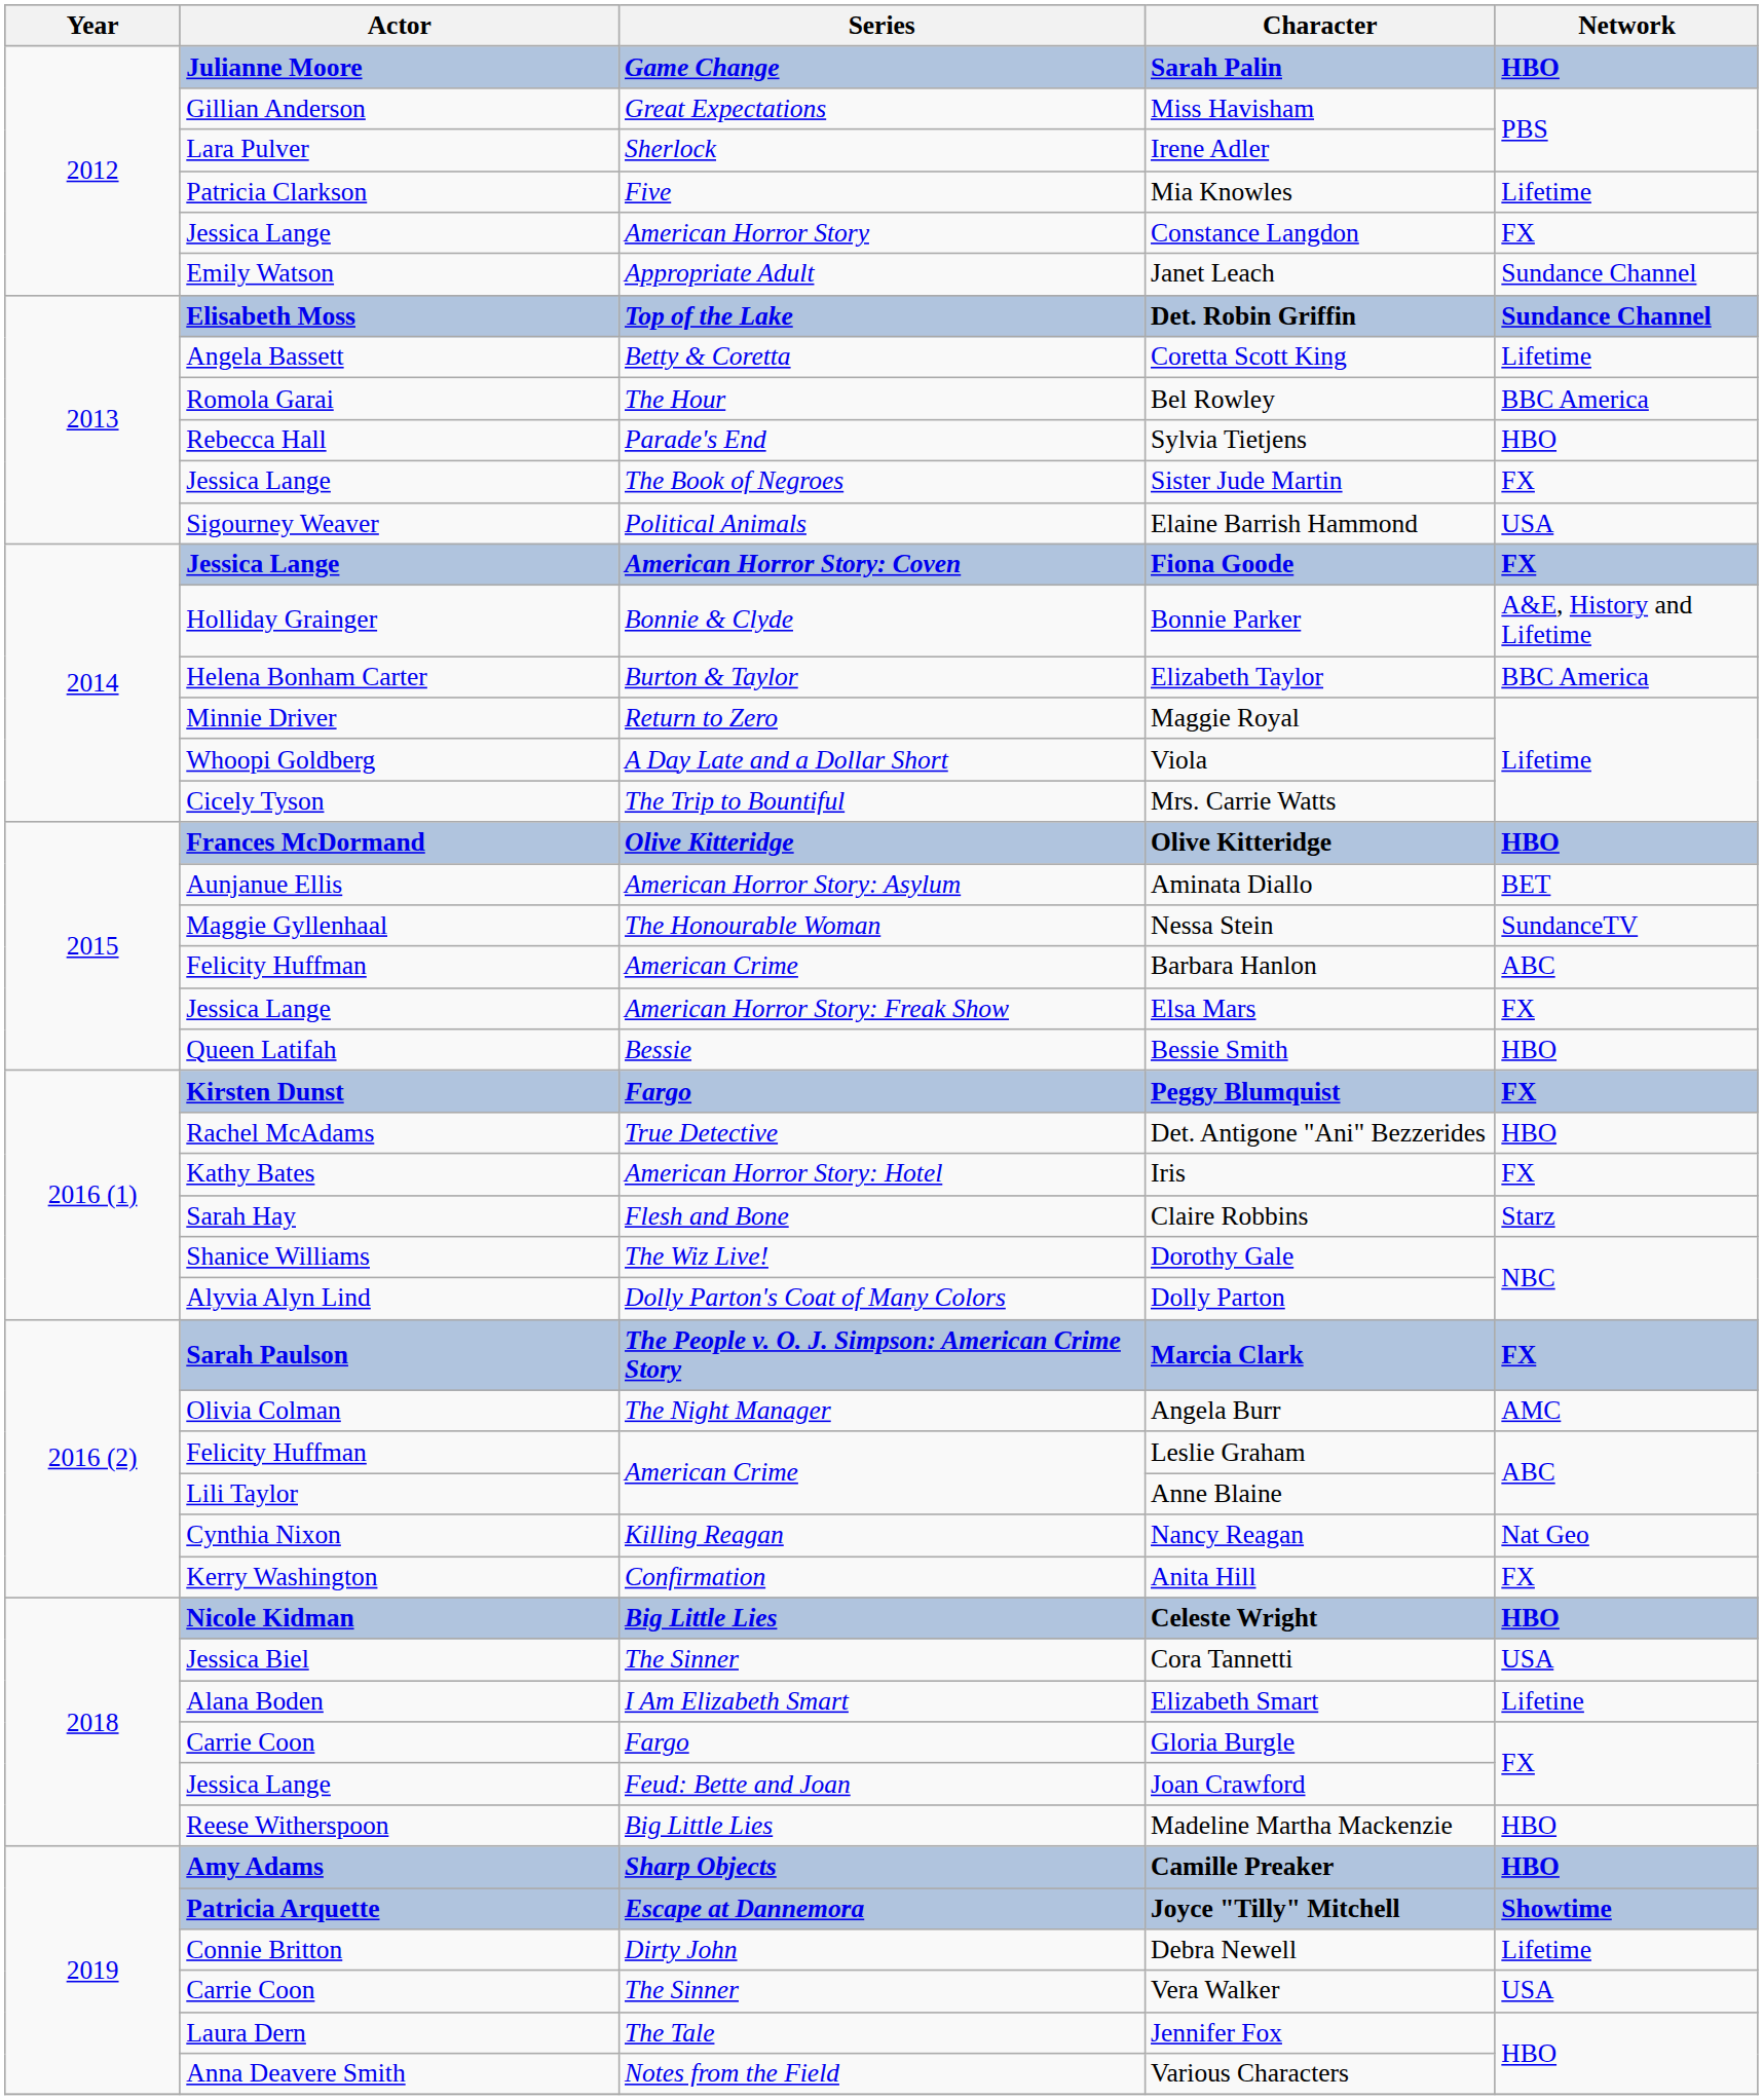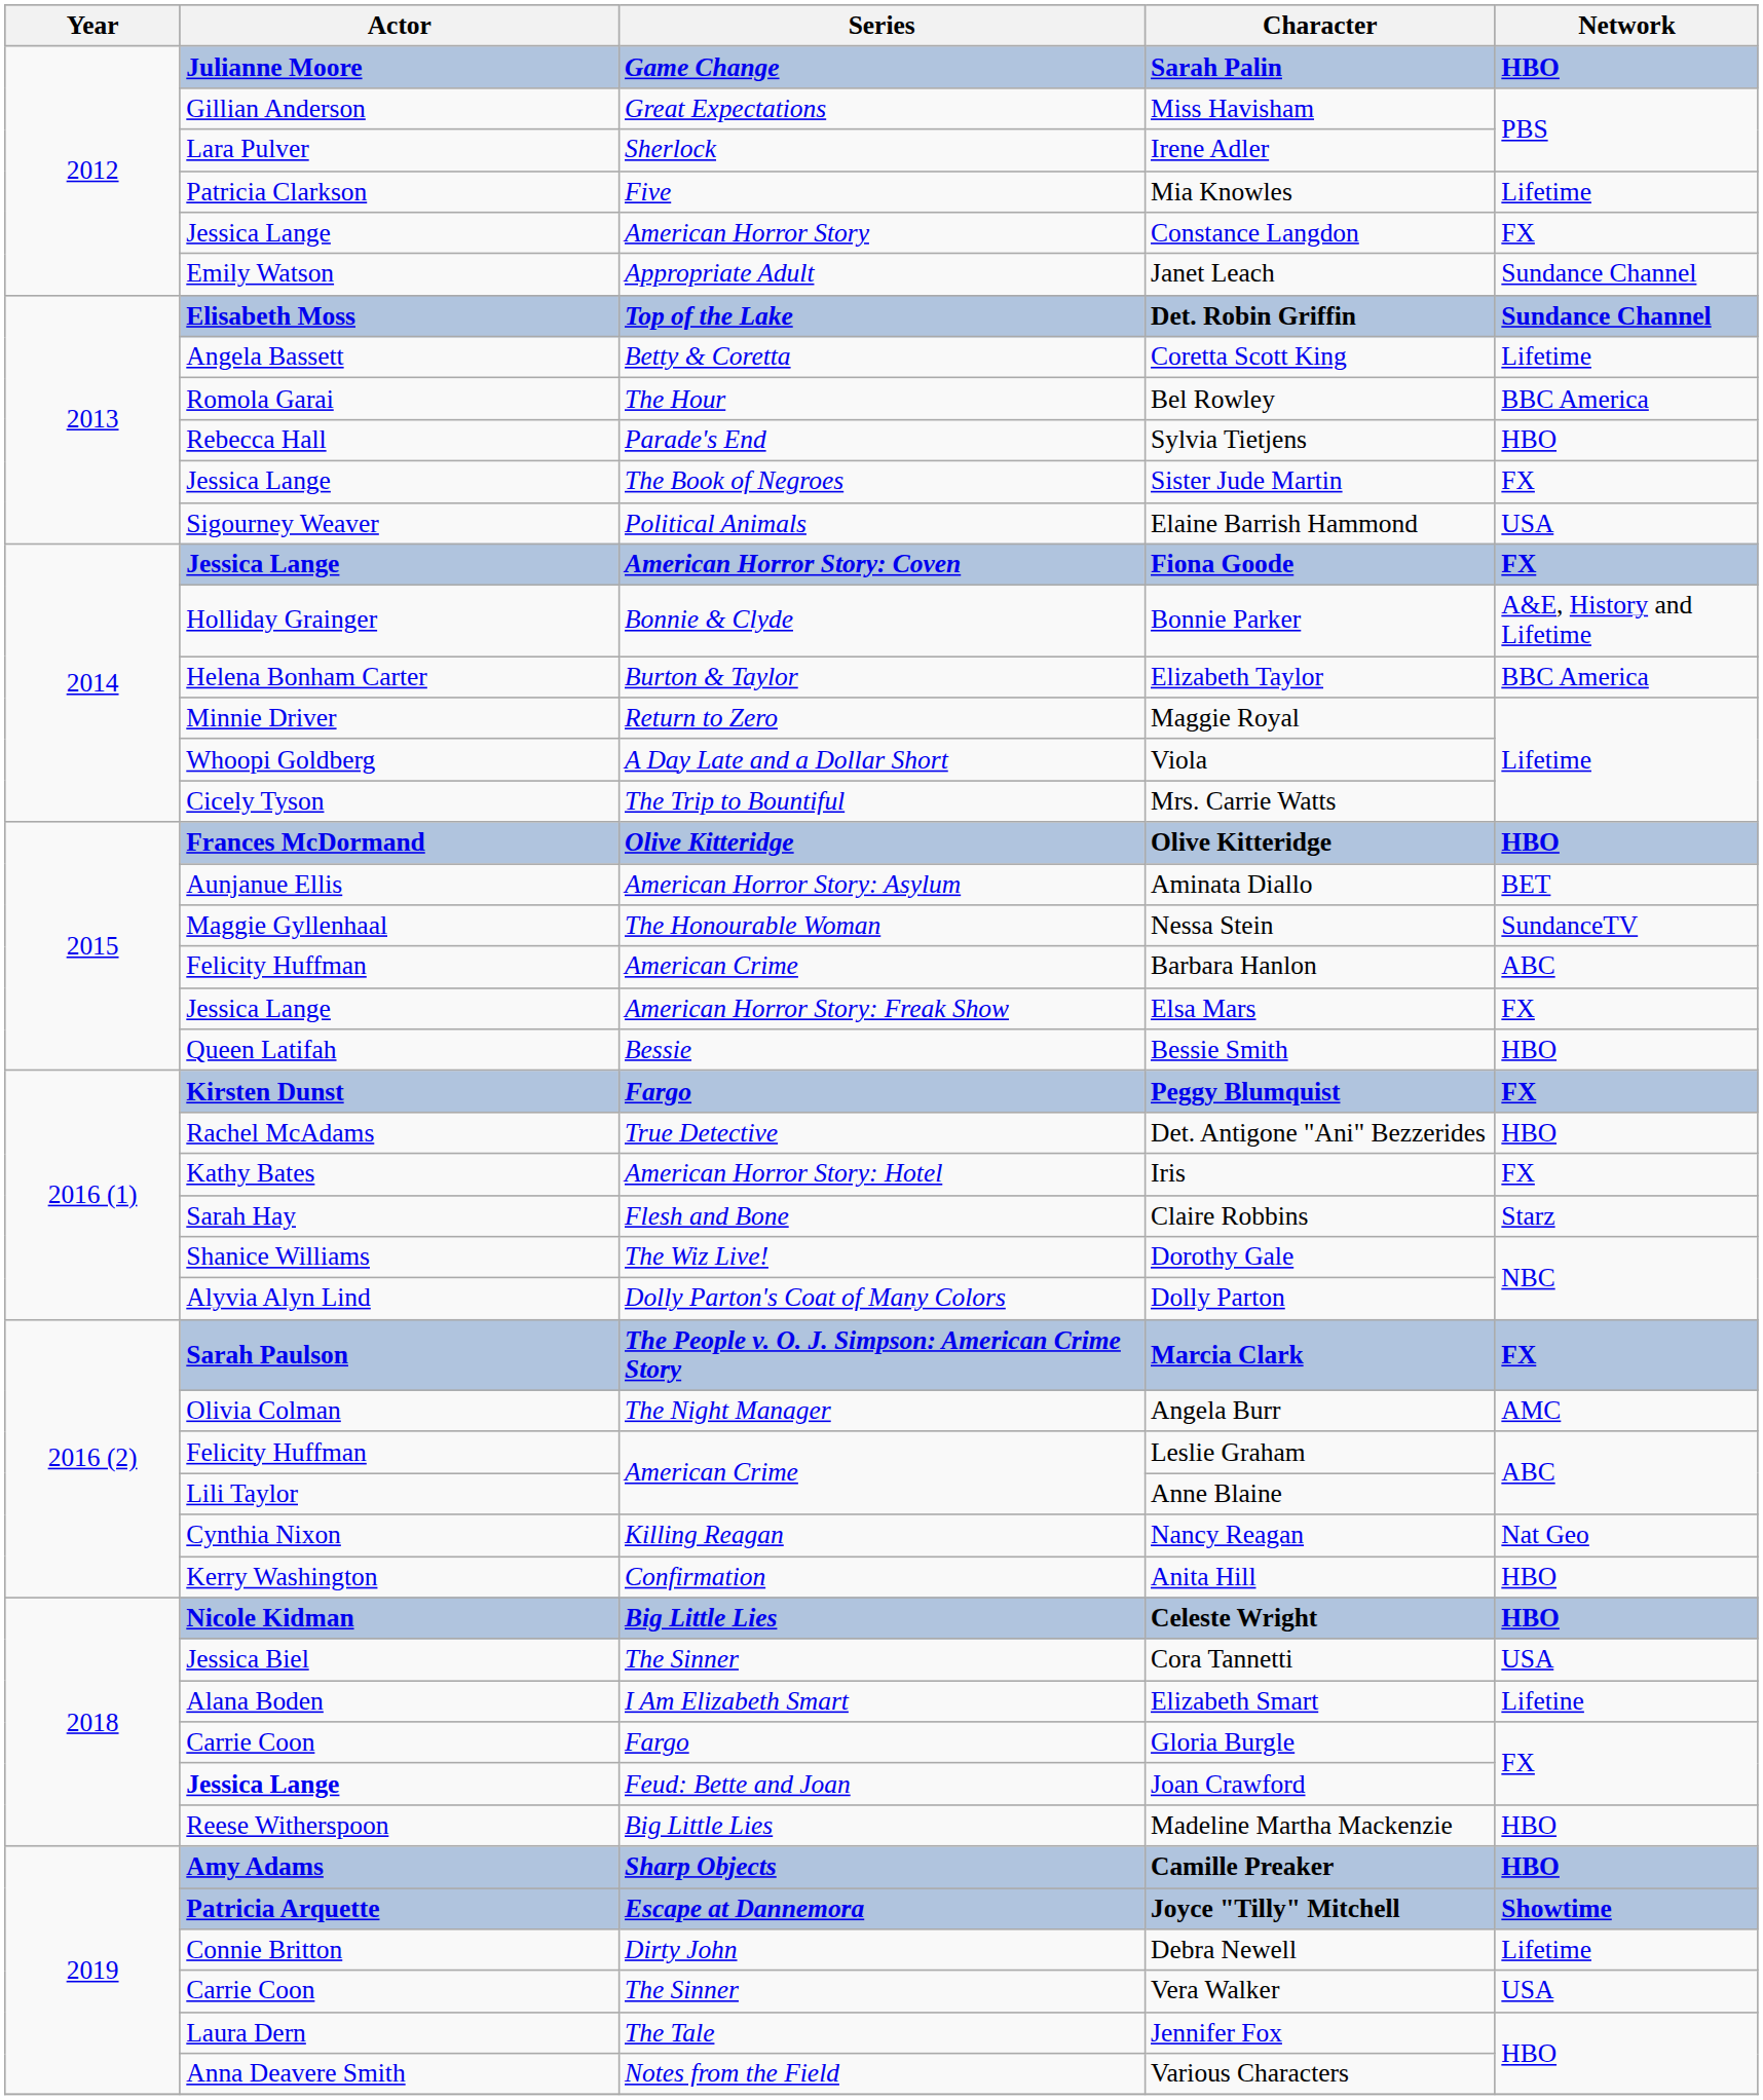 <table class="wikitable" style="width:85%">
 <tr style="background:#bebebe;">
 <th style="width:10%;">Year</th>
 <th style="wodth:25%;">Actor</th>
 <th style="width:30%;">Series</th>
 <th style="width:20%;">Character</th>
 <th style="width:15%;">Network</th>
 </tr>
 <tr>
 <td rowspan="6" style="text-align:center;"><a href='#'>2012</a><br></td>
 <td style="background:#B0C4DE;"><strong><a href='#'>Julianne Moore</a></strong></td>
 <td style="background:#B0C4DE;"><strong><em><a href='#'>Game Change</a></em></strong></td>
 <td style="background:#B0C4DE;"><strong><a href='#'>Sarah Palin</a></strong></td>
 <td style="background:#B0C4DE;"><strong><a href='#'>HBO</a></strong></td>
 </tr>
 <tr>
 <td><a href='#'>Gillian Anderson</a></td>
 <td><em><a href='#'>Great Expectations</a></em></td>
 <td><a href='#'>Miss Havisham</a></td>
 <td rowspan="2"><a href='#'>PBS</a></td>
 </tr>
 <tr>
 <td><a href='#'>Lara Pulver</a></td>
 <td><em><a href='#'>Sherlock</a></em></td>
 <td><a href='#'>Irene Adler</a></td>
 </tr>
 <tr>
 <td><a href='#'>Patricia Clarkson</a></td>
 <td><em><a href='#'>Five</a></em></td>
 <td>Mia Knowles</td>
 <td><a href='#'>Lifetime</a></td>
 </tr>
 <tr>
 <td><a href='#'>Jessica Lange</a></td>
 <td><em><a href='#'>American Horror Story</a></em></td>
 <td><a href='#'>Constance Langdon</a></td>
 <td><a href='#'>FX</a></td>
 </tr>
 <tr>
 <td><a href='#'>Emily Watson</a></td>
 <td><em><a href='#'>Appropriate Adult</a></em></td>
 <td>Janet Leach</td>
 <td><a href='#'>Sundance Channel</a></td>
 </tr>
 <tr>
 <td rowspan="6" style="text-align:center;"><a href='#'>2013</a><br></td>
 <td style="background:#B0C4DE;"><strong><a href='#'>Elisabeth Moss</a></strong></td>
 <td style="background:#B0C4DE;"><strong><em><a href='#'>Top of the Lake</a></em></strong></td>
 <td style="background:#B0C4DE;"><strong>Det. Robin Griffin</strong></td>
 <td style="background:#B0C4DE;"><strong><a href='#'>Sundance Channel</a></strong></td>
 </tr>
 <tr>
 <td><a href='#'>Angela Bassett</a></td>
 <td><em><a href='#'>Betty & Coretta</a></em></td>
 <td><a href='#'>Coretta Scott King</a></td>
 <td><a href='#'>Lifetime</a></td>
 </tr>
 <tr>
 <td><a href='#'>Romola Garai</a></td>
 <td><em><a href='#'>The Hour</a></em></td>
 <td>Bel Rowley</td>
 <td><a href='#'>BBC America</a></td>
 </tr>
 <tr>
 <td><a href='#'>Rebecca Hall</a></td>
 <td><em><a href='#'>Parade's End</a></em></td>
 <td>Sylvia Tietjens</td>
 <td><a href='#'>HBO</a></td>
 </tr>
 <tr>
 <td><a href='#'>Jessica Lange</a></td>
 <td><em><a href='#'>The Book of Negroes</a></em></td>
 <td><a href='#'>Sister Jude Martin</a></td>
 <td><a href='#'>FX</a></td>
 </tr>
 <tr>
 <td><a href='#'>Sigourney Weaver</a></td>
 <td><em><a href='#'>Political Animals</a></em></td>
 <td>Elaine Barrish Hammond</td>
 <td><a href='#'>USA</a></td>
 </tr>
 <tr>
 <td rowspan="6" style="text-align:center;"><a href='#'>2014</a><br></td>
 <td style="background:#B0C4DE;"><strong><a href='#'>Jessica Lange</a></strong></td>
 <td style="background:#B0C4DE;"><strong><em><a href='#'>American Horror Story: Coven</a></em></strong></td>
 <td style="background:#B0C4DE;"><strong><a href='#'>Fiona Goode</a></strong></td>
 <td style="background:#B0C4DE;"><strong><a href='#'>FX</a></strong></td>
 </tr>
 <tr>
 <td><a href='#'>Holliday Grainger </a></td>
 <td><em><a href='#'>Bonnie & Clyde</a></em></td>
 <td><a href='#'>Bonnie Parker</a></td>
 <td><a href='#'>A&E</a>, <a href='#'>History</a> and <a href='#'>Lifetime</a></td>
 </tr>
 <tr>
 <td><a href='#'>Helena Bonham Carter</a></td>
 <td><em><a href='#'>Burton & Taylor</a></em></td>
 <td><a href='#'>Elizabeth Taylor</a></td>
 <td><a href='#'>BBC America</a></td>
 </tr>
 <tr>
 <td><a href='#'>Minnie Driver</a></td>
 <td><em><a href='#'>Return to Zero</a></em></td>
 <td>Maggie Royal</td>
 <td rowspan="3"><a href='#'>Lifetime</a></td>
 </tr>
 <tr>
 <td><a href='#'>Whoopi Goldberg</a></td>
 <td><em><a href='#'>A Day Late and a Dollar Short</a></em></td>
 <td>Viola</td>
 </tr>
 <tr>
 <td><a href='#'>Cicely Tyson</a></td>
 <td><em><a href='#'>The Trip to Bountiful</a></em></td>
 <td>Mrs. Carrie Watts</td>
 </tr>
 <tr>
 <td rowspan="6" style="text-align:center;"><a href='#'>2015</a><br></td>
 <td style="background:#B0C4DE;"><strong><a href='#'>Frances McDormand</a></strong></td>
 <td style="background:#B0C4DE;"><strong><em><a href='#'>Olive Kitteridge</a></em></strong></td>
 <td style="background:#B0C4DE;"><strong>Olive Kitteridge</strong></td>
 <td style="background:#B0C4DE;"><strong><a href='#'>HBO</a></strong></td>
 </tr>
 <tr>
 <td><a href='#'>Aunjanue Ellis</a></td>
 <td><em><a href='#'>American Horror Story: Asylum</a></em></td>
 <td>Aminata Diallo</td>
 <td><a href='#'>BET</a></td>
 </tr>
 <tr>
 <td><a href='#'>Maggie Gyllenhaal</a></td>
 <td><em><a href='#'>The Honourable Woman</a></em></td>
 <td>Nessa Stein</td>
 <td><a href='#'>SundanceTV</a></td>
 </tr>
 <tr>
 <td><a href='#'>Felicity Huffman</a></td>
 <td><em><a href='#'>American Crime</a></em></td>
 <td>Barbara Hanlon</td>
 <td><a href='#'>ABC</a></td>
 </tr>
 <tr>
 <td><a href='#'>Jessica Lange</a></td>
 <td><em><a href='#'>American Horror Story: Freak Show</a></em></td>
 <td><a href='#'>Elsa Mars</a></td>
 <td><a href='#'>FX</a></td>
 </tr>
 <tr>
 <td><a href='#'>Queen Latifah</a></td>
 <td><em><a href='#'>Bessie</a></em></td>
 <td><a href='#'>Bessie Smith</a></td>
 <td><a href='#'>HBO</a></td>
 </tr>
 <tr>
 <td rowspan="6" style="text-align:center;"><a href='#'>2016 (1)</a><br></td>
 <td style="background:#B0C4DE;"><strong><a href='#'>Kirsten Dunst</a></strong></td>
 <td style="background:#B0C4DE;"><strong><em><a href='#'>Fargo</a></em></strong></td>
 <td style="background:#B0C4DE;"><strong><a href='#'>Peggy Blumquist</a></strong></td>
 <td style="background:#B0C4DE;"><strong><a href='#'>FX</a></strong></td>
 </tr>
 <tr>
 <td><a href='#'>Rachel McAdams</a></td>
 <td><em><a href='#'>True Detective</a></em></td>
 <td>Det. Antigone "Ani" Bezzerides</td>
 <td><a href='#'>HBO</a></td>
 </tr>
 <tr>
 <td><a href='#'>Kathy Bates</a></td>
 <td><em><a href='#'>American Horror Story: Hotel</a></em></td>
 <td>Iris</td>
 <td><a href='#'>FX</a></td>
 </tr>
 <tr>
 <td><a href='#'>Sarah Hay</a></td>
 <td><em><a href='#'>Flesh and Bone</a></em></td>
 <td>Claire Robbins</td>
 <td><a href='#'>Starz</a></td>
 </tr>
 <tr>
 <td><a href='#'>Shanice Williams</a></td>
 <td><em><a href='#'>The Wiz Live!</a></em></td>
 <td><a href='#'>Dorothy Gale</a></td>
 <td rowspan="2"><a href='#'>NBC</a></td>
 </tr>
 <tr>
 <td><a href='#'>Alyvia Alyn Lind</a></td>
 <td><em><a href='#'>Dolly Parton's Coat of Many Colors</a></em></td>
 <td><a href='#'>Dolly Parton</a></td>
 </tr>
 <tr>
 <td rowspan="6" style="text-align:center;"><a href='#'>2016 (2)</a><br></td>
 <td style="background:#B0C4DE;"><strong><a href='#'>Sarah Paulson</a></strong></td>
 <td style="background:#B0C4DE;"><strong><em><a href='#'>The People v. O. J. Simpson: American Crime Story</a></em></strong></td>
 <td style="background:#B0C4DE;"><strong><a href='#'>Marcia Clark</a></strong></td>
 <td style="background:#B0C4DE;"><strong><a href='#'>FX</a></strong></td>
 </tr>
 <tr>
 <td><a href='#'>Olivia Colman</a></td>
 <td><em><a href='#'>The Night Manager</a></em></td>
 <td>Angela Burr</td>
 <td><a href='#'>AMC</a></td>
 </tr>
 <tr>
 <td><a href='#'>Felicity Huffman</a></td>
 <td rowspan="2"><em><a href='#'>American Crime</a></em></td>
 <td>Leslie Graham</td>
 <td rowspan="2"><a href='#'>ABC</a></td>
 </tr>
 <tr>
 <td><a href='#'>Lili Taylor</a></td>
 <td>Anne Blaine</td>
 </tr>
 <tr>
 <td><a href='#'>Cynthia Nixon</a></td>
 <td><em><a href='#'>Killing Reagan</a></em></td>
 <td><a href='#'>Nancy Reagan</a></td>
 <td><a href='#'>Nat Geo</a></td>
 </tr>
 <tr>
 <td><a href='#'>Kerry Washington</a></td>
 <td><em><a href='#'>Confirmation</a></em></td>
 <td><a href='#'>Anita Hill</a></td>
-<td><a href='#'>FX</a></td>
+<td><a href='#'>HBO</a></td>
 </tr>
 <tr>
 <td rowspan="6" style="text-align:center;"><a href='#'>2018</a><br></td>
 <td style="background:#B0C4DE;"><strong><a href='#'>Nicole Kidman</a></strong></td>
 <td style="background:#B0C4DE;"><strong><em><a href='#'>Big Little Lies</a></em></strong></td>
 <td style="background:#B0C4DE;"><strong>Celeste Wright</strong></td>
 <td style="background:#B0C4DE;"><strong><a href='#'>HBO</a></strong></td>
 </tr>
 <tr>
 <td><a href='#'>Jessica Biel</a></td>
 <td><em><a href='#'>The Sinner</a></em></td>
 <td>Cora Tannetti</td>
 <td><a href='#'>USA</a></td>
 </tr>
 <tr>
 <td><a href='#'>Alana Boden</a></td>
 <td><em><a href='#'>I Am Elizabeth Smart</a></em></td>
 <td><a href='#'>Elizabeth Smart</a></td>
 <td><a href='#'>Lifetine</a></td>
 </tr>
 <tr>
 <td><a href='#'>Carrie Coon</a></td>
 <td><em><a href='#'>Fargo</a></em></td>
 <td><a href='#'>Gloria Burgle</a></td>
 <td rowspan="2"><a href='#'>FX</a></td>
 </tr>
 <tr>
-<td><a href='#'>Jessica Lange</a></td>
+<td><strong><a href='#'>Jessica Lange</a></strong></td>
 <td><em><a href='#'>Feud: Bette and Joan</a></em></td>
 <td><a href='#'>Joan Crawford</a></td>
 </tr>
 <tr>
 <td><a href='#'>Reese Witherspoon</a></td>
 <td><em><a href='#'>Big Little Lies</a></em></td>
 <td>Madeline Martha Mackenzie</td>
 <td><a href='#'>HBO</a></td>
 </tr>
 <tr>
 <td rowspan="6" style="text-align:center;"><a href='#'>2019</a><br></td>
 <td style="background:#B0C4DE;"><strong><a href='#'>Amy Adams</a></strong></td>
 <td style="background:#B0C4DE;"><strong><em><a href='#'>Sharp Objects</a></em></strong></td>
 <td style="background:#B0C4DE;"><strong>Camille Preaker</strong></td>
 <td style="background:#B0C4DE;"><strong><a href='#'>HBO</a></strong></td>
 </tr>
 <tr>
 <td style="background:#B0C4DE;"><strong><a href='#'>Patricia Arquette</a></strong></td>
 <td style="background:#B0C4DE;"><strong><em><a href='#'>Escape at Dannemora</a></em></strong></td>
 <td style="background:#B0C4DE;"><strong>Joyce "Tilly" Mitchell</strong></td>
 <td style="background:#B0C4DE;"><strong><a href='#'>Showtime</a></strong></td>
 </tr>
 <tr>
 <td><a href='#'>Connie Britton</a></td>
 <td><em><a href='#'>Dirty John</a></em></td>
 <td>Debra Newell</td>
 <td><a href='#'>Lifetime</a></td>
 </tr>
 <tr>
 <td><a href='#'>Carrie Coon</a></td>
 <td><em><a href='#'>The Sinner</a></em></td>
 <td>Vera Walker</td>
 <td><a href='#'>USA</a></td>
 </tr>
 <tr>
 <td><a href='#'>Laura Dern</a></td>
 <td><em><a href='#'>The Tale</a></em></td>
 <td><a href='#'>Jennifer Fox</a></td>
 <td rowspan="2"><a href='#'>HBO</a></td>
 </tr>
 <tr>
 <td><a href='#'>Anna Deavere Smith</a></td>
 <td><em><a href='#'>Notes from the Field</a></em></td>
 <td>Various Characters</td>
 </tr>
 <tr>
 </tr>
 </table>
